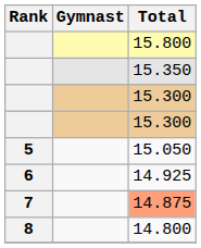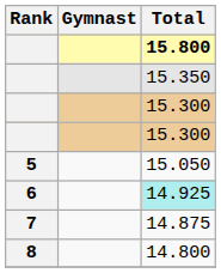 <table class="wikitable sortable" style="text-align:center; font-size:95%">
 <tr>
 <th scope=col>Rank</th>
 <th scope=col>Gymnast</th>
 <th scope=col>Total</th>
 </tr>
 <tr bgcolor=fffcaf>
 <th scope=row style="text-align:center"></th>
 <td align=left></td>
-<td>15.800</td>
+<td><strong>15.800</strong></td>
 </tr>
 <tr bgcolor=e5e5e5>
 <th scope=row style="text-align:center"></th>
 <td align=left></td>
 <td>15.350</td>
 </tr>
 <tr bgcolor="eecc99">
 <th scope="row" style="text-align:center"></th>
 <td align="left"></td>
 <td>15.300</td>
 </tr>
 <tr bgcolor=eecc99>
 <th scope=row style="text-align:center"></th>
 <td align=left></td>
 <td>15.300</td>
 </tr>
 <tr>
 <th scope=row style="text-align:center">5</th>
 <td align=left></td>
 <td>15.050</td>
 </tr>
 <tr>
 <th scope=row style="text-align:center">6</th>
 <td align=left></td>
-<td>14.925</td>
+<td style="background: paleturquoise;">14.925</td>
 </tr>
 <tr>
 <th scope=row style="text-align:center">7</th>
 <td align=left></td>
-<td style="background: lightsalmon;">14.875</td>
+<td>14.875</td>
 </tr>
 <tr>
 <th scope=row style="text-align:center">8</th>
 <td align=left></td>
 <td>14.800</td>
 </tr>
 <tr>
 </tr>
 </table>
